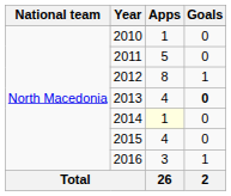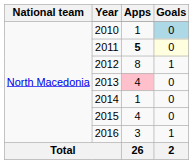 <table class="wikitable" style="text-align:center">
 <tr>
 <th>National team</th>
 <th>Year</th>
 <th>Apps</th>
 <th>Goals</th>
 </tr>
 <tr>
 <td rowspan="8"><a href='#'>North Macedonia</a></td>
 </tr>
 <tr>
 <td>2010</td>
 <td>1</td>
-<td>0</td>
+<td style="background: lightblue;">0</td>
 </tr>
 <tr>
 <td>2011</td>
-<td>5</td>
-<td>0</td>
+<td><strong>5</strong></td>
+<td style="background: lightyellow;">0</td>
 </tr>
 <tr>
 <td>2012</td>
 <td>8</td>
 <td>1</td>
 </tr>
 <tr>
 <td>2013</td>
-<td>4</td>
-<td><strong>0</strong></td>
+<td style="background: pink;">4</td>
+<td>0</td>
 </tr>
 <tr>
 <td>2014</td>
-<td style="background: lightyellow;">1</td>
+<td>1</td>
 <td>0</td>
 </tr>
 <tr>
 <td>2015</td>
 <td>4</td>
 <td>0</td>
 </tr>
 <tr>
 <td>2016</td>
 <td>3</td>
 <td>1</td>
 </tr>
 <tr>
 <th colspan="2">Total</th>
 <th>26</th>
 <th>2</th>
 </tr>
 </table>
